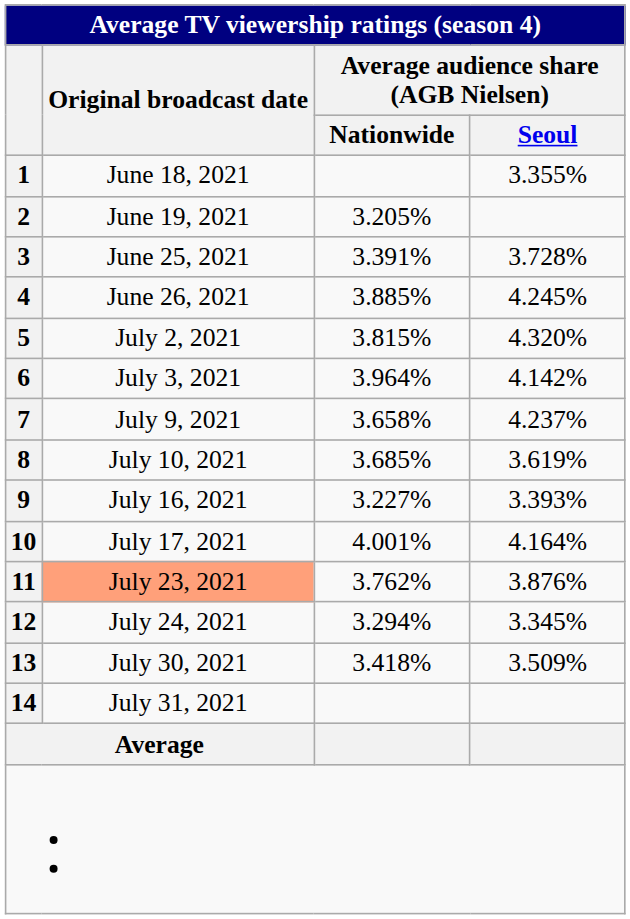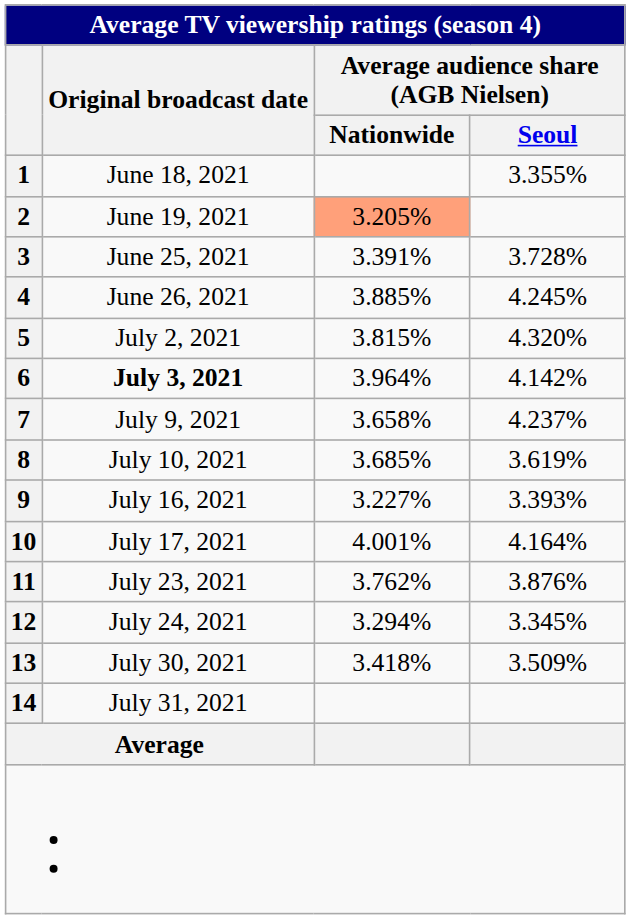 <table role="presentation" class="wikitable mw-collapsible mw-collapsed innercollapse" style="text-align:center;max-width:450px; margin-left: auto; margin-right: auto; border: none;">
 <tr>
 <th colspan="6" style="background:#000080; text-align:centre;color:white">Average TV viewership ratings (season 4)</th>
 </tr>
 <tr>
 <th rowspan="2"></th>
 <th rowspan="2">Original broadcast date</th>
 <th colspan="4">Average audience share<br>(AGB Nielsen)</th>
 </tr>
 <tr>
 <th width="90">Nationwide</th>
 <th width="90"><a href='#'>Seoul</a></th>
 </tr>
 <tr>
 <th>1</th>
 <td>June 18, 2021</td>
 <td> </td>
 <td>3.355% </td>
 </tr>
 <tr>
 <th>2</th>
 <td>June 19, 2021</td>
-<td>3.205% </td>
+<td style="background: lightsalmon;">3.205% </td>
 <td> </td>
 </tr>
 <tr>
 <th>3</th>
 <td>June 25, 2021</td>
 <td>3.391% </td>
 <td>3.728% </td>
 </tr>
 <tr>
 <th>4</th>
 <td>June 26, 2021</td>
 <td>3.885% </td>
 <td>4.245% </td>
 </tr>
 <tr>
 <th>5</th>
 <td>July 2, 2021</td>
 <td>3.815% </td>
 <td>4.320% </td>
 </tr>
 <tr>
 <th>6</th>
-<td>July 3, 2021</td>
+<td><strong>July 3, 2021</strong></td>
 <td>3.964% </td>
 <td>4.142% </td>
 </tr>
 <tr>
 <th>7</th>
 <td>July 9, 2021</td>
 <td>3.658% </td>
 <td>4.237% </td>
 </tr>
 <tr>
 <th>8</th>
 <td>July 10, 2021</td>
 <td>3.685% </td>
 <td>3.619% </td>
 </tr>
 <tr>
 <th>9</th>
 <td>July 16, 2021</td>
 <td>3.227% </td>
 <td>3.393% </td>
 </tr>
 <tr>
 <th>10</th>
 <td>July 17, 2021</td>
 <td>4.001% </td>
 <td>4.164% </td>
 </tr>
 <tr>
 <th>11</th>
-<td style="background: lightsalmon;">July 23, 2021</td>
+<td>July 23, 2021</td>
 <td>3.762% </td>
 <td>3.876% </td>
 </tr>
 <tr>
 <th>12</th>
 <td>July 24, 2021</td>
 <td>3.294% </td>
 <td>3.345% </td>
 </tr>
 <tr>
 <th>13</th>
 <td>July 30, 2021</td>
 <td>3.418% </td>
 <td>3.509% </td>
 </tr>
 <tr>
 <th>14</th>
 <td>July 31, 2021</td>
 <td></td>
 <td></td>
 </tr>
 <tr>
 <th colspan="2">Average</th>
 <th></th>
 <th></th>
 </tr>
 <tr>
 <td colspan="4"><br><ul><li></li><li></li></ul></td>
 </tr>
 </table>
